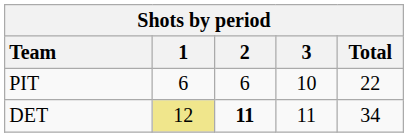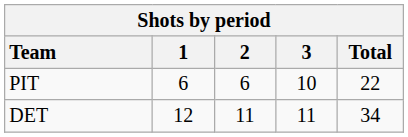 <table class="wikitable" style="width:20em">
 <tr>
 <th colspan="6">Shots by period</th>
 </tr>
 <tr>
 <th style="width:8em; text-align:left;">Team</th>
 <th style="width:3em;">1</th>
 <th style="width:3em;">2</th>
 <th style="width:3em;">3</th>
 <th style="width:3em;">Total</th>
 </tr>
 <tr style="text-align:center;">
 <td align="left">PIT</td>
 <td>6</td>
 <td>6</td>
 <td>10</td>
 <td>22</td>
 </tr>
 <tr style="text-align:center;">
 <td align="left">DET</td>
-<td style="background: khaki;">12</td>
-<td><strong>11</strong></td>
+<td>12</td>
+<td>11</td>
 <td>11</td>
 <td>34</td>
 </tr>
 </table>
